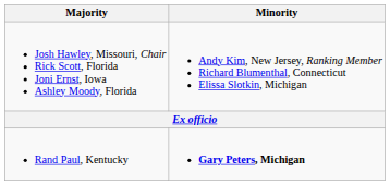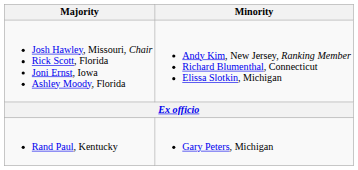 <table class=wikitable>
 <tr>
 <th>Majority</th>
 <th>Minority</th>
 </tr>
 <tr>
 <td><br><ul><li><a href='#'>Josh Hawley</a>, Missouri, <em>Chair</em></li><li><a href='#'>Rick Scott</a>, Florida</li><li><a href='#'>Joni Ernst</a>, Iowa</li><li><a href='#'>Ashley Moody</a>, Florida</li></ul></td>
 <td><br><ul><li><a href='#'>Andy Kim</a>, New Jersey, <em>Ranking Member</em></li><li><a href='#'>Richard Blumenthal</a>, Connecticut</li><li><a href='#'>Elissa Slotkin</a>, Michigan</li></ul></td>
 </tr>
 <tr>
 <th colspan=2><em><a href='#'>Ex officio</a></em></th>
 </tr>
 <tr>
 <td><br><ul><li><a href='#'>Rand Paul</a>, Kentucky</li></ul></td>
-<td><strong><br><ul><li><a href='#'>Gary Peters</a>, Michigan</li></ul></strong></td>
+<td><br><ul><li><a href='#'>Gary Peters</a>, Michigan</li></ul></td>
 </tr>
 </table>
